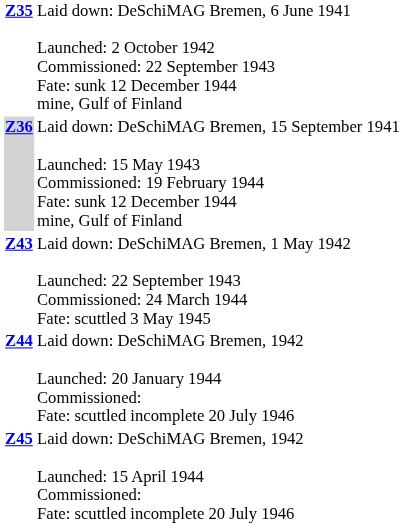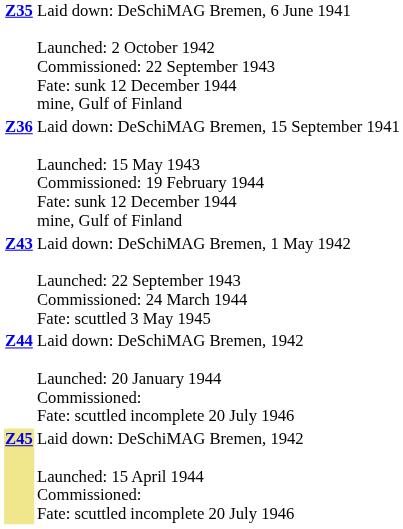 <table>
 <tr>
 <td valign="top"><strong><a href='#'>Z35</a></strong></td>
 <td>Laid down: DeSchiMAG Bremen, 6 June 1941<br><br>Launched: 2 October 1942<br> Commissioned: 22 September 1943<br> Fate: sunk 12 December 1944<br> mine, Gulf of Finland</td>
 </tr>
 <tr>
-<td valign="top" style="background: lightgrey;"><strong><a href='#'>Z36</a></strong></td>
+<td valign="top"><strong><a href='#'>Z36</a></strong></td>
 <td>Laid down: DeSchiMAG Bremen, 15 September 1941<br><br>Launched: 15 May 1943<br> Commissioned: 19 February 1944<br> Fate: sunk 12 December 1944<br> mine, Gulf of Finland</td>
 </tr>
 <tr>
 <td valign="top"><strong><a href='#'>Z43</a></strong></td>
 <td>Laid down: DeSchiMAG Bremen, 1 May 1942<br><br>Launched: 22 September 1943<br> Commissioned: 24 March 1944<br> Fate: scuttled 3 May 1945<br></td>
 </tr>
 <tr>
 <td valign="top"><strong><a href='#'>Z44</a></strong></td>
 <td>Laid down: DeSchiMAG Bremen, 1942<br><br>Launched: 20 January 1944<br> Commissioned: <br> Fate: scuttled incomplete 20 July 1946<br></td>
 </tr>
 <tr>
-<td valign="top"><strong><a href='#'>Z45</a></strong></td>
+<td valign="top" style="background: khaki;"><strong><a href='#'>Z45</a></strong></td>
 <td>Laid down: DeSchiMAG Bremen, 1942<br><br>Launched: 15 April 1944<br> Commissioned: <br> Fate: scuttled incomplete 20 July 1946<br></td>
 </tr>
 </table>
